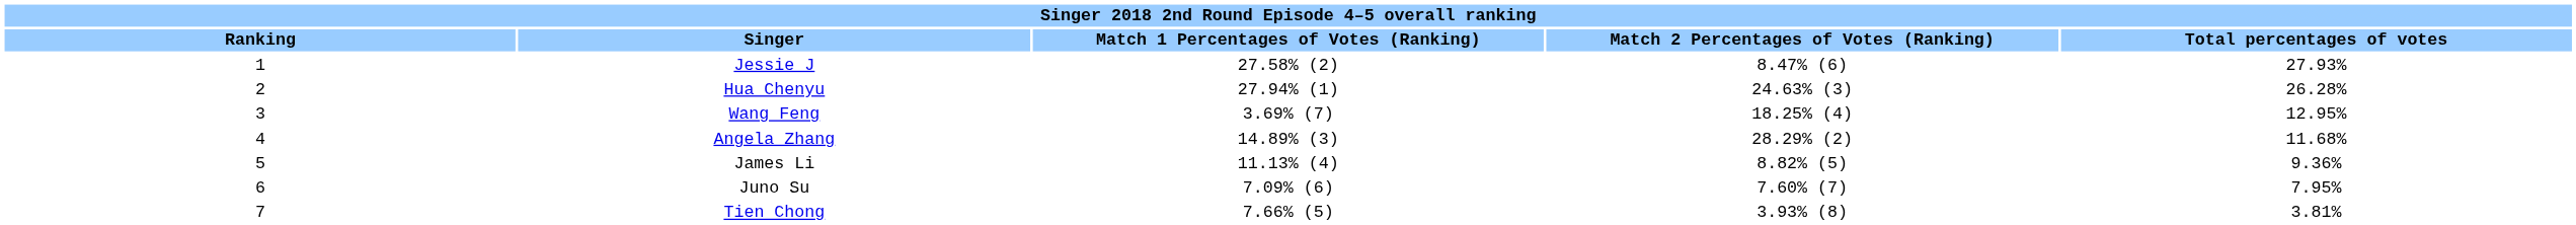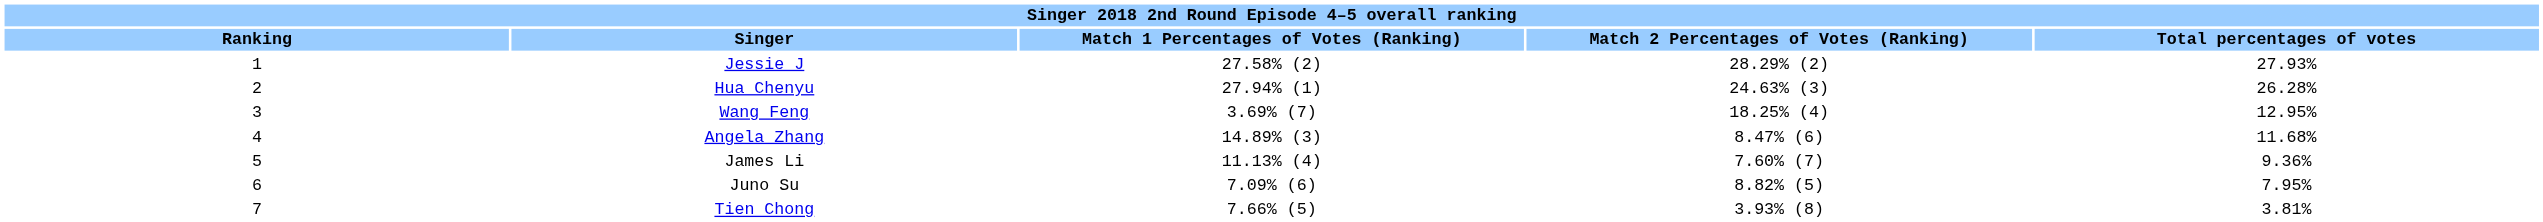 <table width="100%" style="text-align:center">
 <tr style="background:#99CCFF">
 <td colspan="5"><div><strong>Singer 2018 2nd Round Episode 4–5 overall ranking</strong></div></td>
 </tr>
 <tr style="background:#99CCFF">
 <td style="width:20%"><strong>Ranking</strong></td>
 <td style="width:20%"><strong>Singer</strong></td>
 <td style="width:20%"><strong>Match 1 Percentages of Votes (Ranking)</strong></td>
 <td style="width:20%"><strong>Match 2 Percentages of Votes (Ranking)</strong></td>
 <td style="width:20%"><strong>Total percentages of votes</strong></td>
 </tr>
 <tr>
 <td>1</td>
 <td><a href='#'>Jessie J</a></td>
 <td>27.58% (2)</td>
-<td>8.47% (6)</td>
+<td>28.29% (2)</td>
 <td>27.93%</td>
 </tr>
 <tr>
 <td>2</td>
 <td><a href='#'>Hua Chenyu</a></td>
 <td>27.94% (1)</td>
 <td>24.63% (3)</td>
 <td>26.28%</td>
 </tr>
 <tr>
 <td>3</td>
 <td><a href='#'>Wang Feng</a></td>
 <td>3.69% (7)</td>
 <td>18.25% (4)</td>
 <td>12.95%</td>
 </tr>
 <tr>
 <td>4</td>
 <td><a href='#'>Angela Zhang</a></td>
 <td>14.89% (3)</td>
-<td>28.29% (2)</td>
+<td>8.47% (6)</td>
 <td>11.68%</td>
 </tr>
 <tr>
 <td>5</td>
 <td>James Li</td>
 <td>11.13% (4)</td>
-<td>8.82% (5)</td>
+<td>7.60% (7)</td>
 <td>9.36%</td>
 </tr>
 <tr>
 <td>6</td>
 <td>Juno Su</td>
 <td>7.09% (6)</td>
-<td>7.60% (7)</td>
+<td>8.82% (5)</td>
 <td>7.95%</td>
 </tr>
 <tr>
 <td>7</td>
 <td><a href='#'>Tien Chong</a></td>
 <td>7.66% (5)</td>
 <td>3.93% (8)</td>
 <td>3.81%</td>
 </tr>
 </table>
